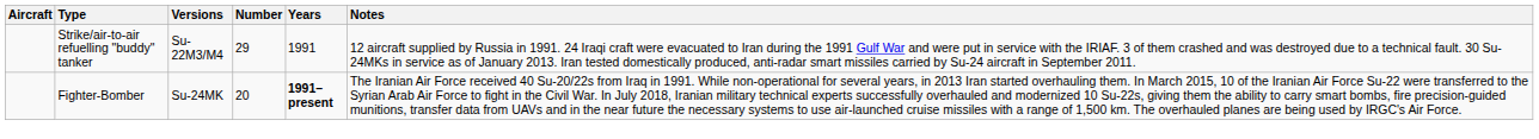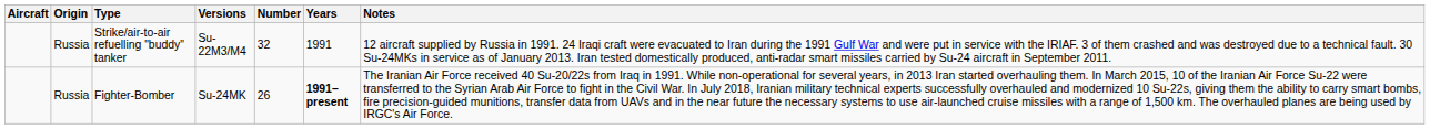 <table class="wikitable">
 <tr>
 <th style="text-align: left;">Aircraft</th>
+<th style="text-align: left;">Origin</th>
 <th style="text-align: left;">Type</th>
 <th style="text-align: left;">Versions</th>
 <th style="text-align: left;">Number</th>
 <th style="text-align: left;">Years</th>
 <th style="text-align: left;">Notes</th>
 </tr>
 <tr>
 <td></td>
+<td>Russia</td>
 <td>Strike/air-to-air refuelling "buddy" tanker</td>
 <td>Su-22M3/M4</td>
-<td>29</td>
+<td>32</td>
 <td>1991</td>
 <td><br>12 aircraft supplied by Russia in 1991. 24 Iraqi craft were evacuated to Iran during the 1991 <a href='#'>Gulf War</a> and were put in service with the IRIAF. 3 of them crashed and was destroyed due to a technical fault. 30 Su-24MKs in service as of January 2013. Iran tested domestically produced, anti-radar smart missiles carried by Su-24 aircraft in September 2011.</td>
 </tr>
 <tr>
 <td></td>
+<td>Russia</td>
 <td>Fighter-Bomber</td>
 <td>Su-24MK</td>
-<td>20</td>
+<td>26</td>
 <td><strong>1991–present</strong></td>
 <td>The Iranian Air Force received 40 Su-20/22s from Iraq in 1991. While non-operational for several years, in 2013 Iran started overhauling them. In March 2015, 10 of the Iranian Air Force Su-22 were transferred to the Syrian Arab Air Force to fight in the Civil War. In July 2018, Iranian military technical experts successfully overhauled and modernized 10 Su-22s, giving them the ability to carry smart bombs, fire precision-guided munitions, transfer data from UAVs and in the near future the necessary systems to use air-launched cruise missiles with a range of 1,500 km. The overhauled planes are being used by IRGC's Air Force.</td>
 </tr>
 </table>
